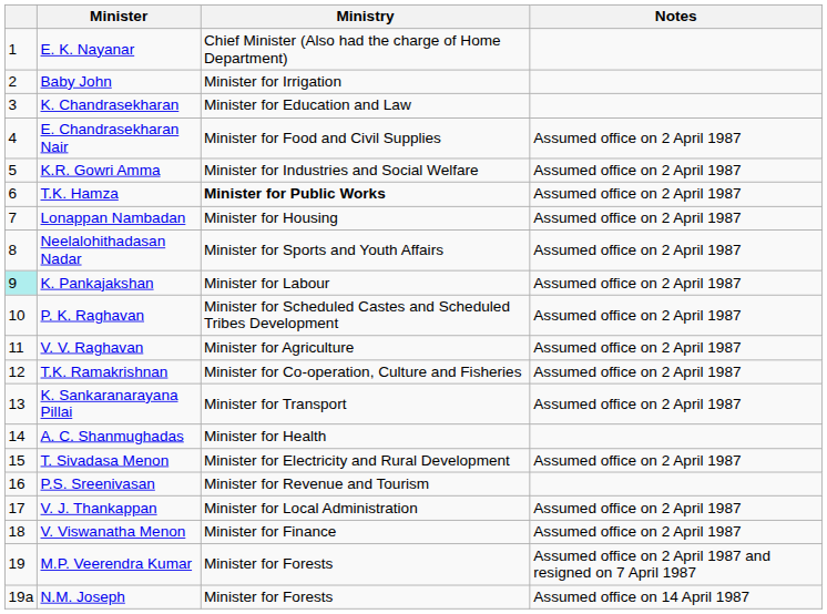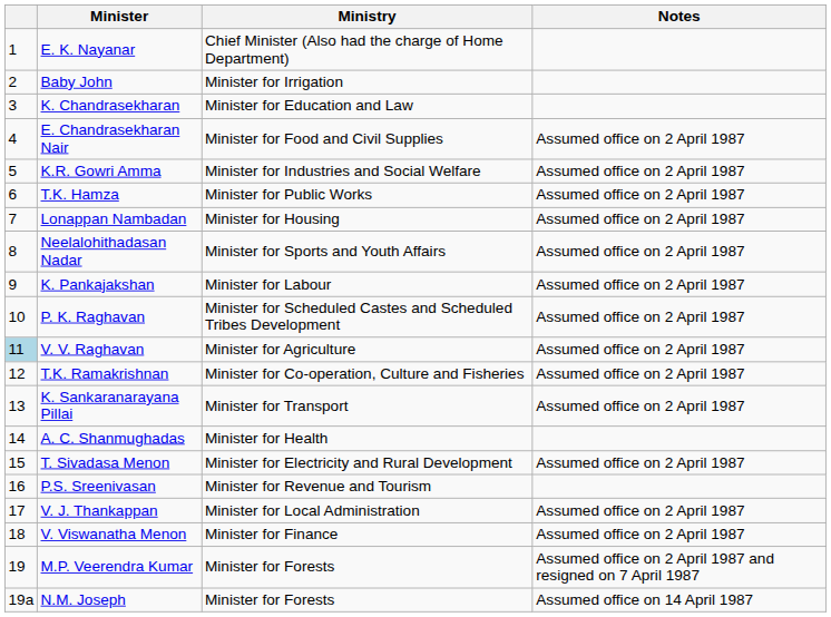 <table class="wikitable sortable">
 <tr>
 <th></th>
 <th>Minister</th>
 <th>Ministry</th>
 <th>Notes</th>
 </tr>
 <tr>
 <td>1</td>
 <td><a href='#'>E. K. Nayanar</a></td>
 <td>Chief Minister (Also had the charge of Home Department)</td>
 <td></td>
 </tr>
 <tr>
 <td>2</td>
 <td><a href='#'>Baby John</a></td>
 <td>Minister for Irrigation</td>
 <td></td>
 </tr>
 <tr>
 <td>3</td>
 <td><a href='#'>K. Chandrasekharan</a></td>
 <td>Minister for Education and Law</td>
 </tr>
 <tr>
 <td>4</td>
 <td><a href='#'>E. Chandrasekharan Nair</a></td>
 <td>Minister for Food and Civil Supplies</td>
 <td>Assumed office on 2 April 1987</td>
 </tr>
 <tr>
 <td>5</td>
 <td><a href='#'>K.R. Gowri Amma</a></td>
 <td>Minister for Industries and Social Welfare</td>
 <td>Assumed office on 2 April 1987</td>
 </tr>
 <tr>
 <td>6</td>
 <td><a href='#'>T.K. Hamza</a></td>
-<td><strong>Minister for Public Works</strong></td>
+<td>Minister for Public Works</td>
 <td>Assumed office on 2 April 1987</td>
 </tr>
 <tr>
 <td>7</td>
 <td><a href='#'>Lonappan Nambadan</a></td>
 <td>Minister for Housing</td>
 <td>Assumed office on 2 April 1987</td>
 </tr>
 <tr>
 <td>8</td>
 <td><a href='#'>Neelalohithadasan Nadar</a></td>
 <td>Minister for Sports and Youth Affairs</td>
 <td>Assumed office on 2 April 1987</td>
 </tr>
 <tr>
-<td style="background: paleturquoise;">9</td>
+<td>9</td>
 <td><a href='#'>K. Pankajakshan</a></td>
 <td>Minister for Labour</td>
 <td>Assumed office on 2 April 1987</td>
 </tr>
 <tr>
 <td>10</td>
 <td><a href='#'>P. K. Raghavan</a></td>
 <td>Minister for Scheduled Castes and Scheduled Tribes Development</td>
 <td>Assumed office on 2 April 1987</td>
 </tr>
 <tr>
-<td>11</td>
+<td style="background: lightblue;">11</td>
 <td><a href='#'>V. V. Raghavan</a></td>
 <td>Minister for Agriculture</td>
 <td>Assumed office on 2 April 1987</td>
 </tr>
 <tr>
 <td>12</td>
 <td><a href='#'>T.K. Ramakrishnan</a></td>
 <td>Minister for Co-operation, Culture and Fisheries</td>
 <td>Assumed office on 2 April 1987</td>
 </tr>
 <tr>
 <td>13</td>
 <td><a href='#'>K. Sankaranarayana Pillai</a></td>
 <td>Minister for Transport</td>
 <td>Assumed office on 2 April 1987</td>
 </tr>
 <tr>
 <td>14</td>
 <td><a href='#'>A. C. Shanmughadas</a></td>
 <td>Minister for Health</td>
 </tr>
 <tr>
 <td>15</td>
 <td><a href='#'>T. Sivadasa Menon</a></td>
 <td>Minister for Electricity and Rural Development</td>
 <td>Assumed office on 2 April 1987</td>
 </tr>
 <tr>
 <td>16</td>
 <td><a href='#'>P.S. Sreenivasan</a></td>
 <td>Minister for Revenue and Tourism</td>
 </tr>
 <tr>
 <td>17</td>
 <td><a href='#'>V. J. Thankappan</a></td>
 <td>Minister for Local Administration</td>
 <td>Assumed office on 2 April 1987</td>
 </tr>
 <tr>
 <td>18</td>
 <td><a href='#'>V. Viswanatha Menon</a></td>
 <td>Minister for Finance</td>
 <td>Assumed office on 2 April 1987</td>
 </tr>
 <tr>
 <td>19</td>
 <td><a href='#'>M.P. Veerendra Kumar</a></td>
 <td>Minister for Forests</td>
 <td>Assumed office on 2 April 1987 and resigned on 7 April 1987</td>
 </tr>
 <tr>
 <td>19a</td>
 <td><a href='#'>N.M. Joseph</a></td>
 <td>Minister for Forests</td>
 <td>Assumed office on 14 April 1987</td>
 </tr>
 </table>
